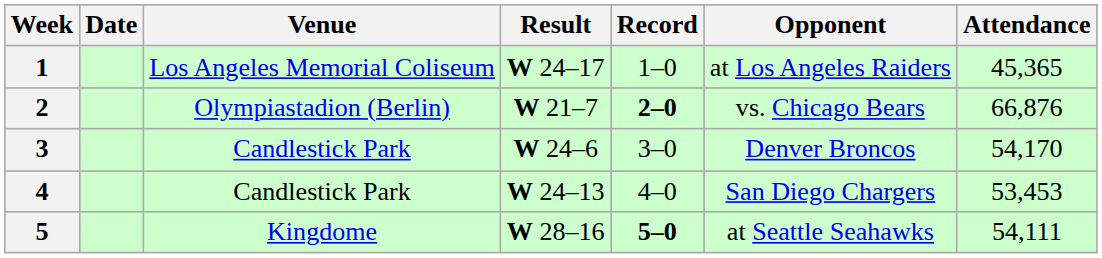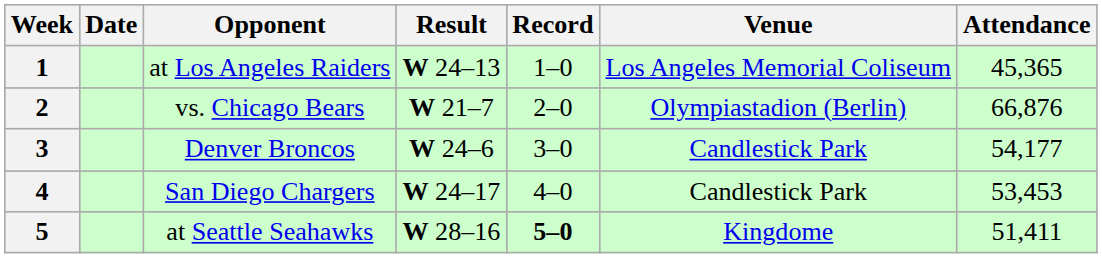 <table class="wikitable" style="text-align:center">
 <tr>
 <th>Week</th>
 <th>Date</th>
-<th>Venue</th>
+<th>Opponent</th>
 <th>Result</th>
 <th>Record</th>
-<th>Opponent</th>
+<th>Venue</th>
 <th>Attendance</th>
 </tr>
 <tr style="background:#cfc">
 <th>1</th>
 <td></td>
+<td>at <a href='#'>Los Angeles Raiders</a></td>
+<td><strong>W</strong> 24–13</td>
+<td>1–0</td>
 <td><a href='#'>Los Angeles Memorial Coliseum</a></td>
-<td><strong>W</strong> 24–17</td>
-<td>1–0</td>
-<td>at <a href='#'>Los Angeles Raiders</a></td>
 <td>45,365</td>
 </tr>
 <tr style="background:#cfc">
 <th>2</th>
 <td></td>
+<td>vs. <a href='#'>Chicago Bears</a></td>
+<td><strong>W</strong> 21–7</td>
+<td>2–0</td>
 <td><a href='#'>Olympiastadion (Berlin)</a></td>
-<td><strong>W</strong> 21–7</td>
-<td><strong>2–0</strong></td>
-<td>vs. <a href='#'>Chicago Bears</a></td>
 <td>66,876</td>
 </tr>
 <tr style="background:#cfc">
 <th>3</th>
 <td></td>
-<td><a href='#'>Candlestick Park</a></td>
+<td><a href='#'>Denver Broncos</a></td>
 <td><strong>W</strong> 24–6</td>
 <td>3–0</td>
-<td><a href='#'>Denver Broncos</a></td>
-<td>54,170</td>
+<td><a href='#'>Candlestick Park</a></td>
+<td>54,177</td>
 </tr>
 <tr style="background:#cfc">
 <th>4</th>
 <td></td>
+<td><a href='#'>San Diego Chargers</a></td>
+<td><strong>W</strong> 24–17</td>
+<td>4–0</td>
 <td>Candlestick Park</td>
-<td><strong>W</strong> 24–13</td>
-<td>4–0</td>
-<td><a href='#'>San Diego Chargers</a></td>
 <td>53,453</td>
 </tr>
 <tr style="background:#cfc">
 <th>5</th>
 <td></td>
-<td><a href='#'>Kingdome</a></td>
+<td>at <a href='#'>Seattle Seahawks</a></td>
 <td><strong>W</strong> 28–16</td>
 <td><strong>5–0</strong></td>
-<td>at <a href='#'>Seattle Seahawks</a></td>
-<td>54,111</td>
+<td><a href='#'>Kingdome</a></td>
+<td>51,411</td>
 </tr>
 </table>
